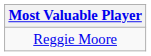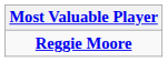 <table class=wikitable style="text-align:center; margin:auto">
 <tr>
 <th><a href='#'>Most Valuable Player</a></th>
 </tr>
 <tr>
-<td> <a href='#'>Reggie Moore</a></td>
+<td><strong> <a href='#'>Reggie Moore</a></strong></td>
 </tr>
 </table>
